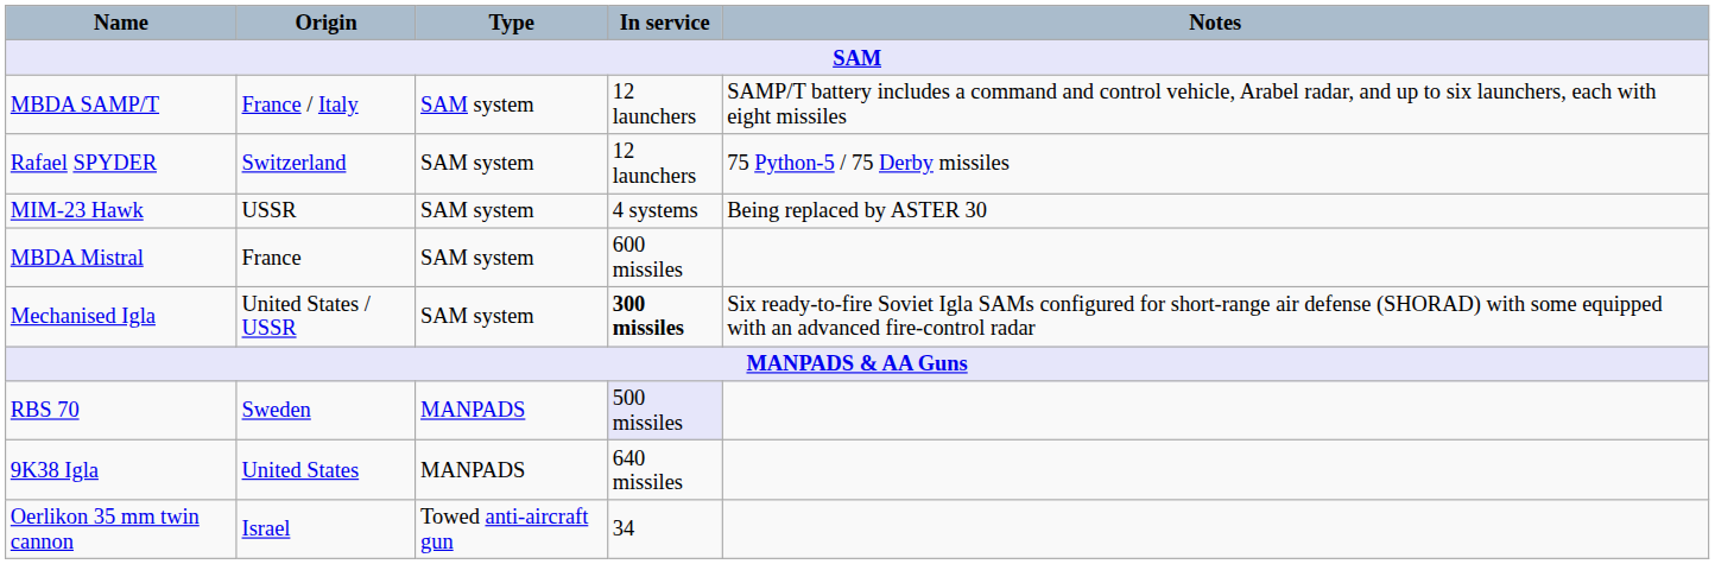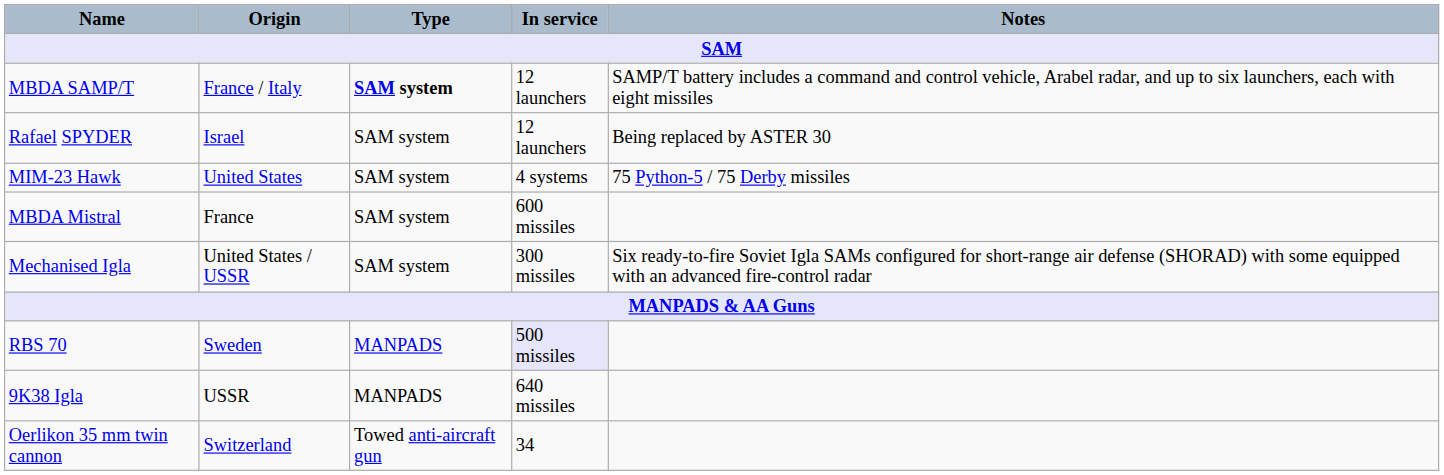 <table class="wikitable">
 <tr>
 <th style="text-align:center; background:#aabccc;">Name</th>
 <th style="text-align: center; background:#aabccc;">Origin</th>
 <th style="text-align:l center; background:#aabccc;">Type</th>
 <th style="text-align:l center; background:#aabccc;">In service</th>
 <th style="text-align: center; background:#aabccc;">Notes</th>
 </tr>
 <tr>
 <th style="align: center; background: lavender;" colspan="7"><a href='#'>SAM</a></th>
 </tr>
 <tr>
 <td><a href='#'>MBDA SAMP/T</a></td>
 <td><a href='#'>France</a> / <a href='#'>Italy</a></td>
-<td><a href='#'>SAM</a> system</td>
+<td><strong><a href='#'>SAM</a> system</strong></td>
 <td>12 launchers</td>
 <td>SAMP/T battery includes a command and control vehicle, Arabel radar, and up to six launchers, each with eight missiles</td>
 </tr>
 <tr>
 <td><a href='#'>Rafael</a> <a href='#'>SPYDER</a></td>
-<td><a href='#'>Switzerland</a></td>
+<td><a href='#'>Israel</a></td>
 <td>SAM system</td>
 <td>12 launchers</td>
-<td>75 <a href='#'>Python-5</a> / 75 <a href='#'>Derby</a> missiles</td>
+<td>Being replaced by ASTER 30</td>
 </tr>
 <tr>
 <td><a href='#'>MIM-23 Hawk</a></td>
-<td>USSR</td>
+<td><a href='#'>United States</a></td>
 <td>SAM system</td>
 <td>4 systems</td>
-<td>Being replaced by ASTER 30</td>
+<td>75 <a href='#'>Python-5</a> / 75 <a href='#'>Derby</a> missiles</td>
 </tr>
 <tr>
 <td><a href='#'>MBDA Mistral</a></td>
 <td>France</td>
 <td>SAM system</td>
 <td>600 missiles</td>
 <td></td>
 </tr>
 <tr>
 <td><a href='#'>Mechanised Igla</a></td>
 <td>United States / <a href='#'>USSR</a></td>
 <td>SAM system</td>
-<td><strong>300 missiles</strong></td>
+<td>300 missiles</td>
 <td>Six ready-to-fire Soviet Igla SAMs configured for short-range air defense (SHORAD) with some equipped with an advanced fire-control radar</td>
 </tr>
 <tr>
 <th style="align: center; background: lavender;" colspan="7"><a href='#'>MANPADS & AA Guns</a></th>
 </tr>
 <tr>
 <td><a href='#'>RBS 70</a></td>
 <td><a href='#'>Sweden</a></td>
 <td><a href='#'>MANPADS</a></td>
 <td style="background: lavender;">500 missiles</td>
 <td></td>
 </tr>
 <tr>
 <td><a href='#'>9K38 Igla</a></td>
-<td><a href='#'>United States</a></td>
+<td>USSR</td>
 <td>MANPADS</td>
 <td>640 missiles</td>
 <td></td>
 </tr>
 <tr>
 <td><a href='#'>Oerlikon 35 mm twin cannon</a></td>
-<td><a href='#'>Israel</a></td>
+<td><a href='#'>Switzerland</a></td>
 <td>Towed <a href='#'>anti-aircraft gun</a></td>
 <td>34</td>
 <td></td>
 </tr>
 </table>
